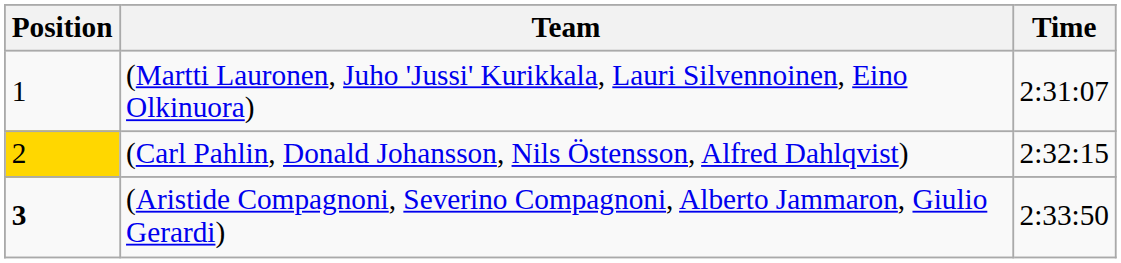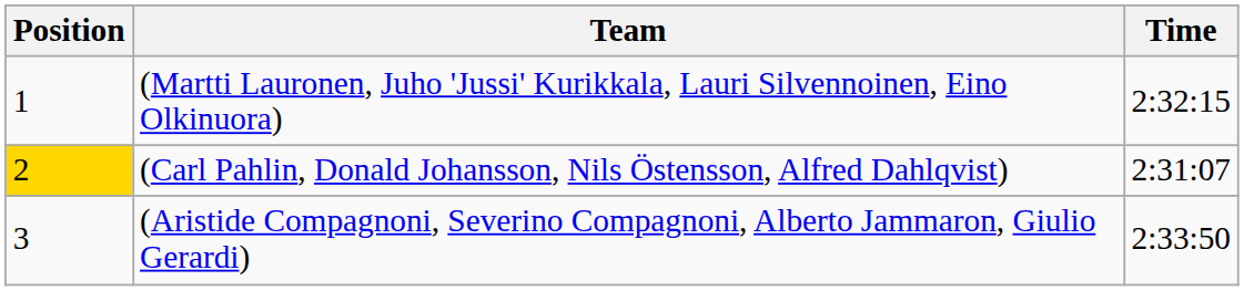 <table class="wikitable">
 <tr>
 <th>Position</th>
 <th>Team</th>
 <th>Time</th>
 </tr>
 <tr>
 <td>1</td>
 <td> (<a href='#'>Martti Lauronen</a>, <a href='#'>Juho 'Jussi' Kurikkala</a>, <a href='#'>Lauri Silvennoinen</a>, <a href='#'>Eino Olkinuora</a>)</td>
-<td>2:31:07</td>
+<td>2:32:15</td>
 </tr>
 <tr>
 <td style="background: gold;">2</td>
 <td> (<a href='#'>Carl Pahlin</a>, <a href='#'>Donald Johansson</a>, <a href='#'>Nils Östensson</a>, <a href='#'>Alfred Dahlqvist</a>)</td>
-<td>2:32:15</td>
+<td>2:31:07</td>
 </tr>
 <tr>
-<td><strong>3</strong></td>
+<td>3</td>
 <td> (<a href='#'>Aristide Compagnoni</a>, <a href='#'>Severino Compagnoni</a>, <a href='#'>Alberto Jammaron</a>, <a href='#'>Giulio Gerardi</a>)</td>
 <td>2:33:50</td>
 </tr>
 </table>
